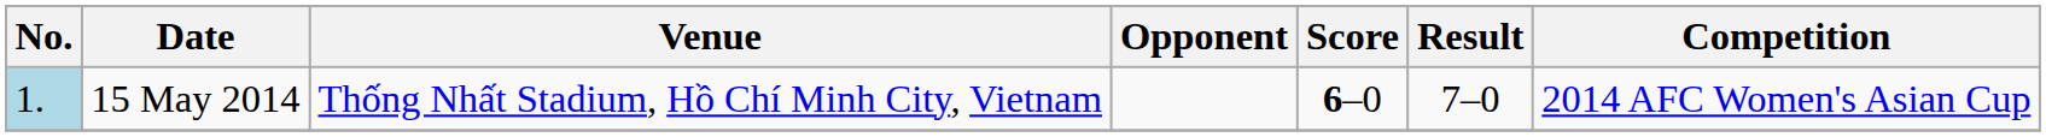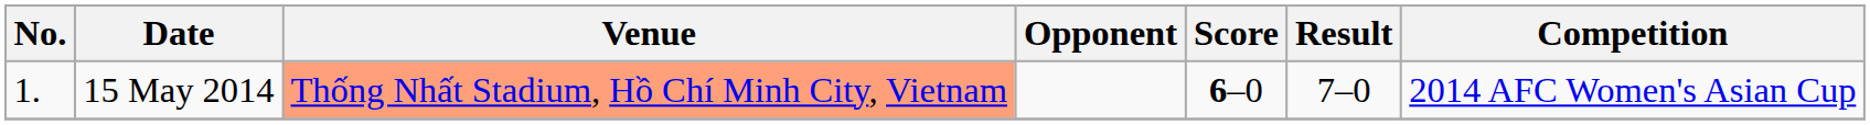 <table class="wikitable">
 <tr>
 <th>No.</th>
 <th>Date</th>
 <th>Venue</th>
 <th>Opponent</th>
 <th>Score</th>
 <th>Result</th>
 <th>Competition</th>
 </tr>
 <tr>
-<td style="background: lightblue;">1.</td>
+<td>1.</td>
 <td>15 May 2014</td>
-<td><a href='#'>Thống Nhất Stadium</a>, <a href='#'>Hồ Chí Minh City</a>, <a href='#'>Vietnam</a></td>
+<td style="background: lightsalmon;"><a href='#'>Thống Nhất Stadium</a>, <a href='#'>Hồ Chí Minh City</a>, <a href='#'>Vietnam</a></td>
 <td></td>
 <td align=center><strong>6</strong>–0</td>
 <td align=center>7–0</td>
 <td><a href='#'>2014 AFC Women's Asian Cup</a></td>
 </tr>
 <tr>
 </tr>
 </table>
